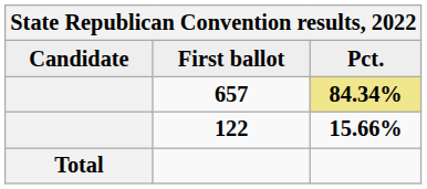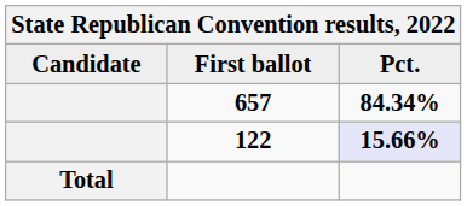 <table class="wikitable sortable plainrowheaders">
 <tr>
 <th colspan="7" >State Republican Convention results, 2022</th>
 </tr>
 <tr style="background:#eee; text-align:center;">
 <td><strong>Candidate</strong></td>
 <td><strong>First ballot</strong></td>
 <td><strong>Pct.</strong></td>
 </tr>
 <tr>
 <th scope="row"><strong></strong></th>
 <td style="text-align:center;"><strong>657</strong></td>
-<td style="background: khaki; text-align:center;"><strong>84.34%</strong></td>
+<td style="text-align:center;"><strong>84.34%</strong></td>
 </tr>
 <tr>
 <th scope="row"><strong></strong></th>
 <td style="text-align:center;"><strong>122</strong></td>
-<td style="text-align:center;"><strong>15.66%</strong></td>
+<td style="background: lavender; text-align:center;"><strong>15.66%</strong></td>
 </tr>
 <tr>
 <th scope="row"><strong>Total</strong></th>
 <td style="text-align:center;"><strong></strong></td>
 <td style="text-align:center;"><strong></strong></td>
 </tr>
 </table>
